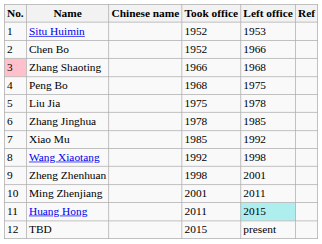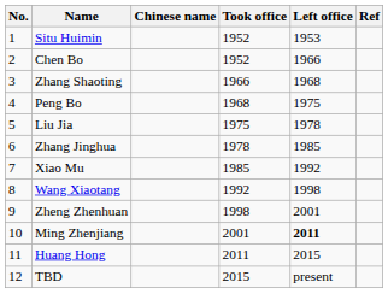 <table class="wikitable">
 <tr>
 <th>No.</th>
 <th>Name</th>
 <th>Chinese name</th>
 <th>Took office</th>
 <th>Left office</th>
 <th>Ref</th>
 </tr>
 <tr>
 <td>1</td>
 <td><a href='#'>Situ Huimin</a></td>
 <td></td>
 <td>1952</td>
 <td>1953</td>
 <td></td>
 </tr>
 <tr>
 <td>2</td>
 <td>Chen Bo</td>
 <td></td>
 <td>1952</td>
 <td>1966</td>
 <td></td>
 </tr>
 <tr>
-<td style="background: pink;">3</td>
+<td>3</td>
 <td>Zhang Shaoting</td>
 <td></td>
 <td>1966</td>
 <td>1968</td>
 <td></td>
 </tr>
 <tr>
 <td>4</td>
 <td>Peng Bo</td>
 <td></td>
 <td>1968</td>
 <td>1975</td>
 <td></td>
 </tr>
 <tr>
 <td>5</td>
 <td>Liu Jia</td>
 <td></td>
 <td>1975</td>
 <td>1978</td>
 <td></td>
 </tr>
 <tr>
 <td>6</td>
 <td>Zhang Jinghua</td>
 <td></td>
 <td>1978</td>
 <td>1985</td>
 <td></td>
 </tr>
 <tr>
 <td>7</td>
 <td>Xiao Mu</td>
 <td></td>
 <td>1985</td>
 <td>1992</td>
 <td></td>
 </tr>
 <tr>
 <td>8</td>
 <td><a href='#'>Wang Xiaotang</a></td>
 <td></td>
 <td>1992</td>
 <td>1998</td>
 <td></td>
 </tr>
 <tr>
 <td>9</td>
 <td>Zheng Zhenhuan</td>
 <td></td>
 <td>1998</td>
 <td>2001</td>
 <td></td>
 </tr>
 <tr>
 <td>10</td>
 <td>Ming Zhenjiang</td>
 <td></td>
 <td>2001</td>
-<td>2011</td>
+<td><strong>2011</strong></td>
 <td></td>
 </tr>
 <tr>
 <td>11</td>
 <td><a href='#'>Huang Hong</a></td>
 <td></td>
 <td>2011</td>
-<td style="background: paleturquoise;">2015</td>
+<td>2015</td>
 <td></td>
 </tr>
 <tr>
 <td>12</td>
 <td>TBD</td>
 <td></td>
 <td>2015</td>
 <td>present</td>
 </tr>
 </table>
